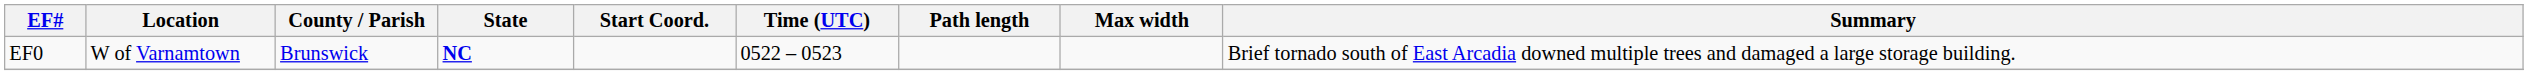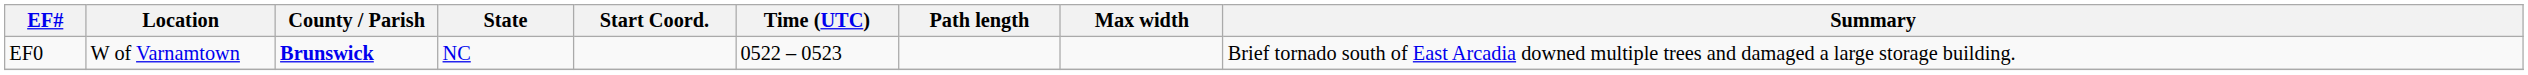 <table class="wikitable sortable" style="width:100%;">
 <tr>
 <th scope="col" width="3%" align="center"><a href='#'>EF#</a></th>
 <th scope="col" width="7%" align="center" class="unsortable">Location</th>
 <th scope="col" width="6%" align="center" class="unsortable">County / Parish</th>
 <th scope="col" width="5%" align="center">State</th>
 <th scope="col" width="6%" align="center">Start Coord.</th>
 <th scope="col" width="6%" align="center">Time (<a href='#'>UTC</a>)</th>
 <th scope="col" width="6%" align="center">Path length</th>
 <th scope="col" width="6%" align="center">Max width</th>
 <th scope="col" width="48%" class="unsortable" align="center">Summary</th>
 </tr>
 <tr>
 <td>EF0</td>
 <td>W of <a href='#'>Varnamtown</a></td>
-<td><a href='#'>Brunswick</a></td>
-<td><strong><a href='#'>NC</a></strong></td>
+<td><strong><a href='#'>Brunswick</a></strong></td>
+<td><a href='#'>NC</a></td>
 <td></td>
 <td>0522 – 0523</td>
 <td></td>
 <td></td>
 <td>Brief tornado south of <a href='#'>East Arcadia</a> downed multiple trees and damaged a large storage building.</td>
 </tr>
 <tr>
 </tr>
 </table>
